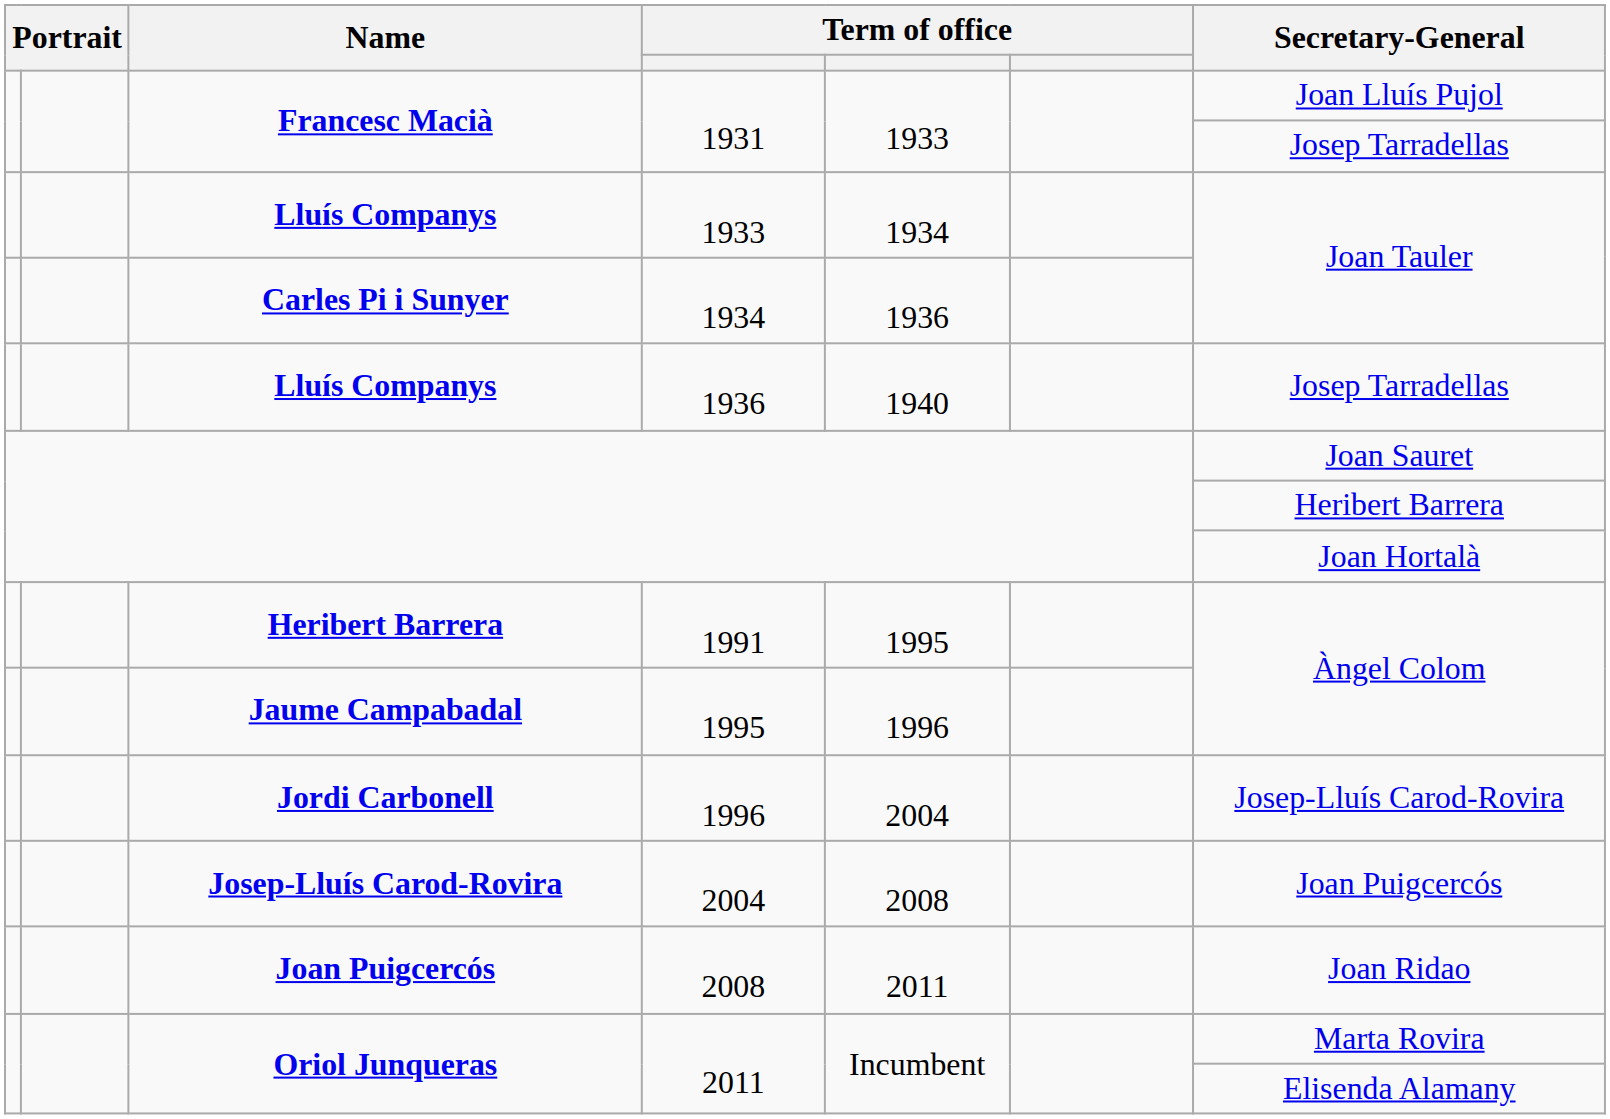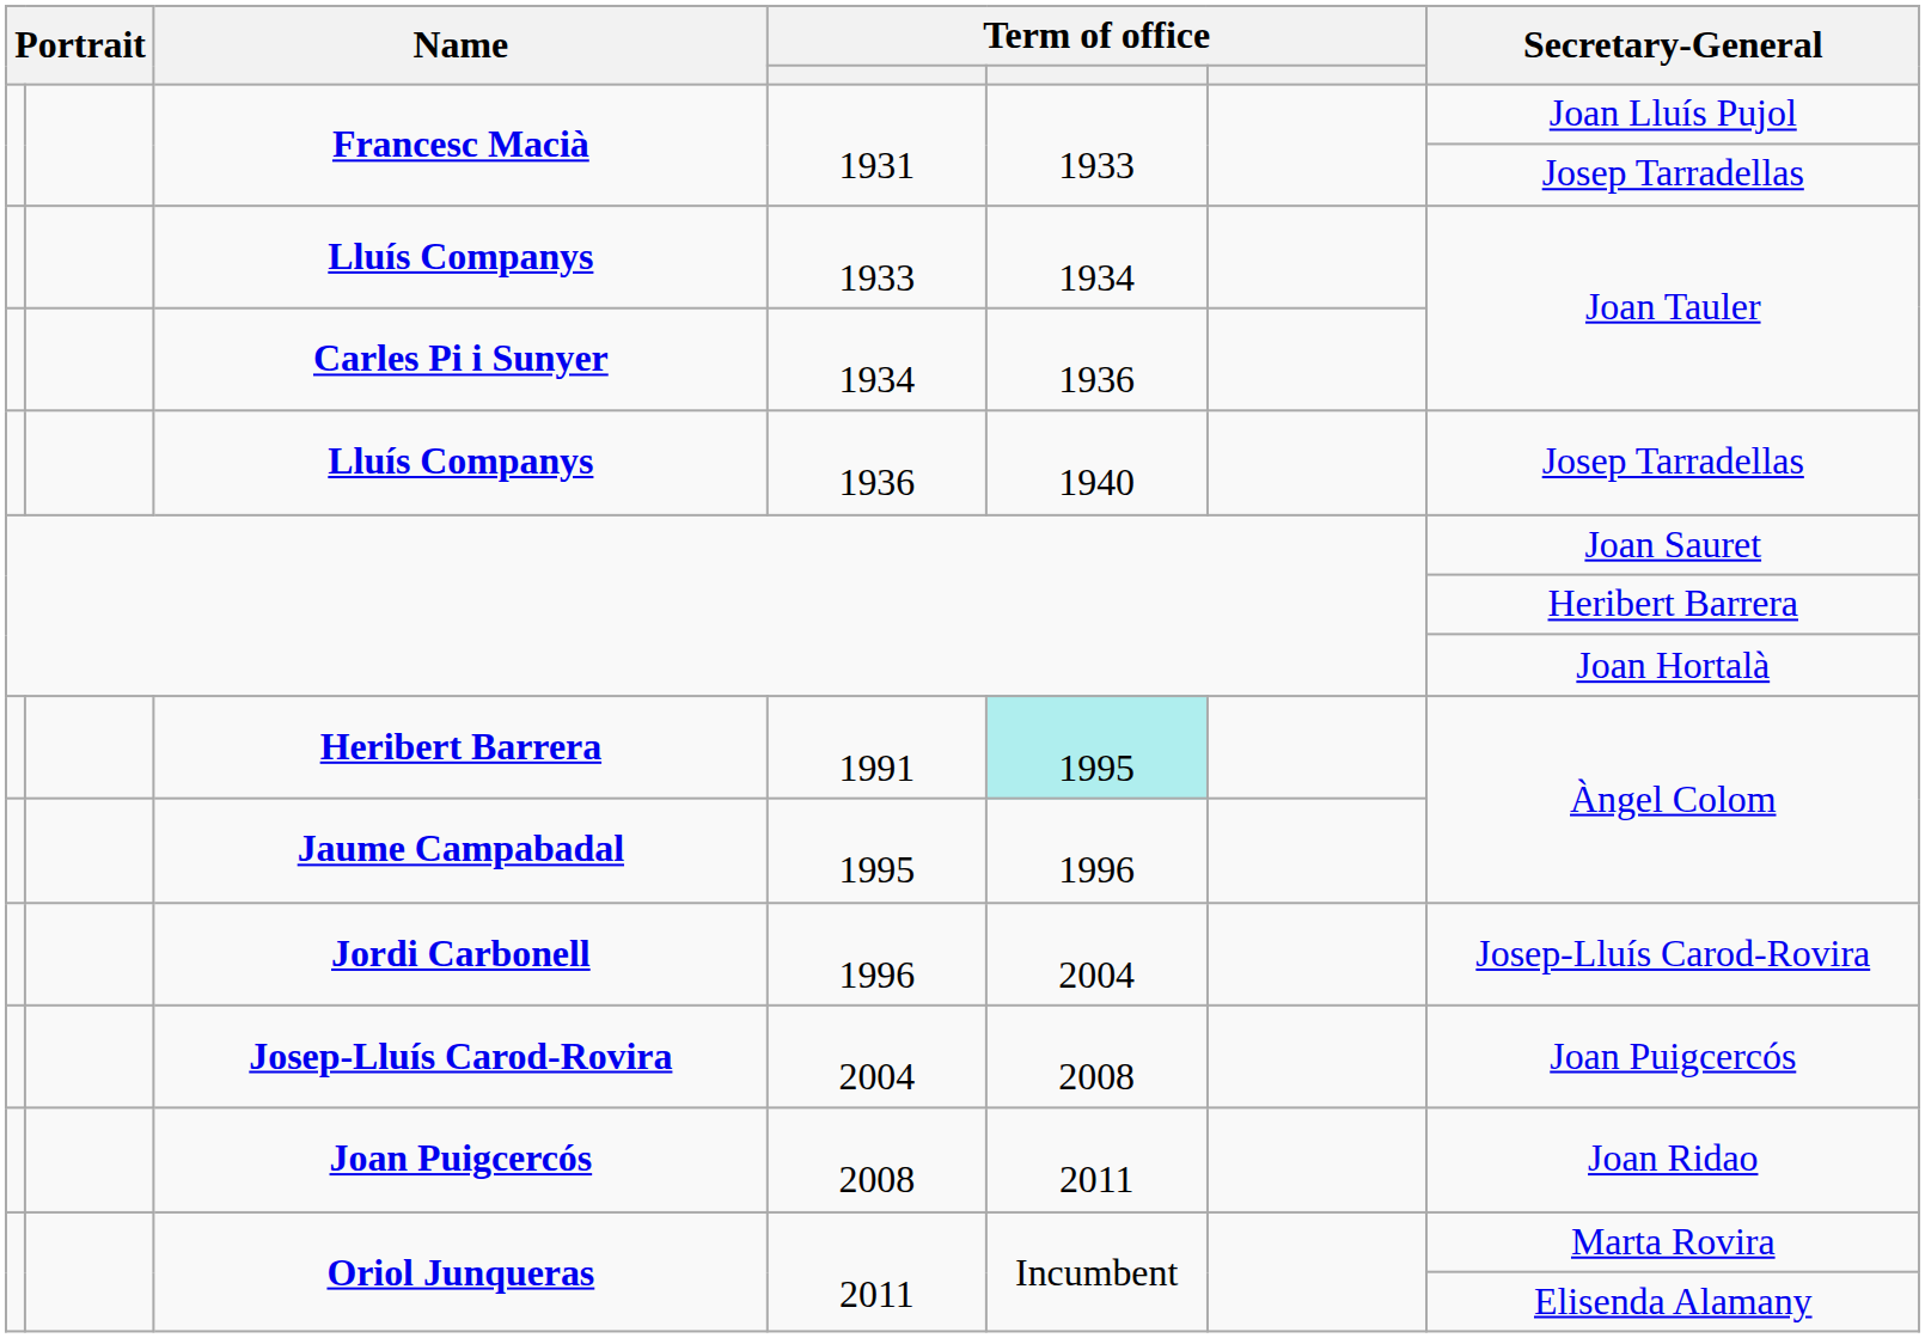 <table class="wikitable plainrowheaders" style="text-align: center;">
 <tr>
 <th rowspan="2" colspan="2">Portrait</th>
 <th rowspan="2" width="250">Name<br></th>
 <th colspan="3">Term of office</th>
 <th rowspan="2" width="200">Secretary-General<br></th>
 </tr>
 <tr>
 <th width="85"></th>
 <th width="85"></th>
 <th width="85"></th>
 </tr>
 <tr>
 <td rowspan="3" width="1" style="background:"></td>
 <td rowspan="3"></td>
 <td rowspan="3"><strong><a href='#'>Francesc Macià</a></strong><br></td>
 <td rowspan="3"><br>1931</td>
 <td rowspan="3"><br>1933</td>
 <td rowspan="3" style="font-size:95%;"></td>
 <td><a href='#'>Joan Lluís Pujol</a> </td>
 </tr>
 <tr>
 <td><a href='#'>Josep Tarradellas</a> </td>
 </tr>
 <tr>
 <td rowspan="4"><a href='#'>Joan Tauler</a><br></td>
 </tr>
 <tr>
 <td style="background:"></td>
 <td></td>
 <td><strong><a href='#'>Lluís Companys</a></strong><br></td>
 <td><br>1933</td>
 <td><br>1934</td>
 <td style="font-size:95%;"></td>
 </tr>
 <tr>
 <td style="background:"></td>
 <td></td>
 <td><strong><a href='#'>Carles Pi i Sunyer</a></strong><br></td>
 <td><br>1934</td>
 <td><br>1936</td>
 <td style="font-size:95%;"></td>
 </tr>
 <tr>
 <td rowspan="2" style="background:"></td>
 <td rowspan="2"></td>
 <td rowspan="2"><strong><a href='#'>Lluís Companys</a></strong><br></td>
 <td rowspan="2"><br>1936</td>
 <td rowspan="2"><br>1940</td>
 <td rowspan="2" style="font-size:95%;"></td>
 </tr>
 <tr>
 <td><a href='#'>Josep Tarradellas</a><br></td>
 </tr>
 <tr>
 <td colspan="6" rowspan="4"></td>
 <td><a href='#'>Joan Sauret</a> </td>
 </tr>
 <tr>
 <td><a href='#'>Heribert Barrera</a> </td>
 </tr>
 <tr>
 <td><a href='#'>Joan Hortalà</a> </td>
 </tr>
 <tr>
 <td rowspan="3"><a href='#'>Àngel Colom</a> </td>
 </tr>
 <tr>
 <td style="background:"></td>
 <td></td>
 <td><strong><a href='#'>Heribert Barrera</a></strong><br></td>
 <td><br>1991</td>
-<td><br>1995</td>
+<td style="background: paleturquoise;"><br>1995</td>
 <td style="font-size:95%;"></td>
 </tr>
 <tr>
 <td style="background:"></td>
 <td></td>
 <td><strong><a href='#'>Jaume Campabadal</a></strong><br></td>
 <td><br>1995</td>
 <td><br>1996</td>
 <td style="font-size:95%;"></td>
 </tr>
 <tr>
 <td style="background:"></td>
 <td></td>
 <td><strong><a href='#'>Jordi Carbonell</a></strong><br></td>
 <td><br>1996</td>
 <td><br>2004</td>
 <td style="font-size:95%;"></td>
 <td><a href='#'>Josep-Lluís Carod-Rovira</a><br></td>
 </tr>
 <tr>
 <td style="background:"></td>
 <td></td>
 <td><strong><a href='#'>Josep-Lluís Carod-Rovira</a></strong><br></td>
 <td><br>2004</td>
 <td><br>2008</td>
 <td style="font-size:95%;"></td>
 <td><a href='#'>Joan Puigcercós</a><br></td>
 </tr>
 <tr>
 <td style="background:"></td>
 <td></td>
 <td><strong><a href='#'>Joan Puigcercós</a></strong><br></td>
 <td><br>2008</td>
 <td><br>2011</td>
 <td style="font-size:95%;"></td>
 <td><a href='#'>Joan Ridao</a><br></td>
 </tr>
 <tr>
 <td rowspan="2" width="1" style="background:"></td>
 <td rowspan="2"></td>
 <td rowspan="2"><strong><a href='#'>Oriol Junqueras</a></strong><br></td>
 <td rowspan="2"><br>2011</td>
 <td rowspan="2">Incumbent</td>
 <td rowspan="2" style="font-size:95%;"></td>
 <td><a href='#'>Marta Rovira</a><br></td>
 </tr>
 <tr>
 <td><a href='#'>Elisenda Alamany</a><br></td>
 </tr>
 </table>
